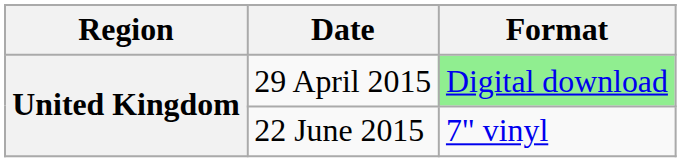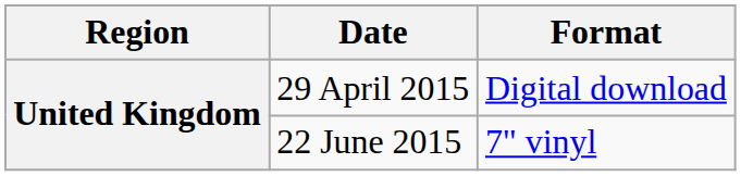 <table class="wikitable plainrowheaders">
 <tr>
 <th>Region</th>
 <th>Date</th>
 <th>Format</th>
 </tr>
 <tr>
 <th scope="row" rowspan="2">United Kingdom</th>
 <td>29 April 2015</td>
-<td style="background: lightgreen;"><a href='#'>Digital download</a></td>
+<td><a href='#'>Digital download</a></td>
 </tr>
 <tr>
 <td>22 June 2015</td>
 <td><a href='#'>7" vinyl</a></td>
 </tr>
 </table>
